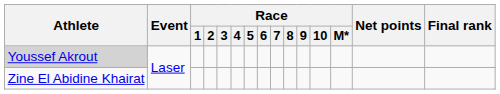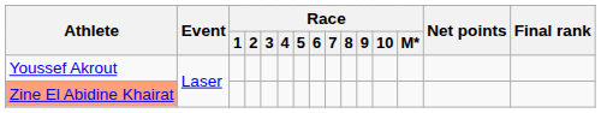 <table class="wikitable" style="font-size:90%">
 <tr>
 <th rowspan="2">Athlete</th>
 <th rowspan="2">Event</th>
 <th colspan=11>Race</th>
 <th rowspan=2>Net points</th>
 <th rowspan=2>Final rank</th>
 </tr>
 <tr style="font-size:95%">
 <th>1</th>
 <th>2</th>
 <th>3</th>
 <th>4</th>
 <th>5</th>
 <th>6</th>
 <th>7</th>
 <th>8</th>
 <th>9</th>
 <th>10</th>
 <th>M*</th>
 </tr>
 <tr align=center>
-<td align=left style="background: lightgrey;"><a href='#'>Youssef Akrout</a></td>
+<td align=left><a href='#'>Youssef Akrout</a></td>
 <td align=left rowspan=2><a href='#'>Laser</a></td>
 <td></td>
 <td></td>
 <td></td>
 <td></td>
 <td></td>
 <td></td>
 <td></td>
 <td></td>
 <td></td>
 <td></td>
 <td></td>
 <td></td>
 <td></td>
 </tr>
 <tr align=center>
-<td align=left><a href='#'>Zine El Abidine Khairat</a></td>
+<td align=left style="background: lightsalmon;"><a href='#'>Zine El Abidine Khairat</a></td>
 <td></td>
 <td></td>
 <td></td>
 <td></td>
 <td></td>
 <td></td>
 <td></td>
 <td></td>
 <td></td>
 <td></td>
 <td></td>
 <td></td>
 <td></td>
 </tr>
 </table>
